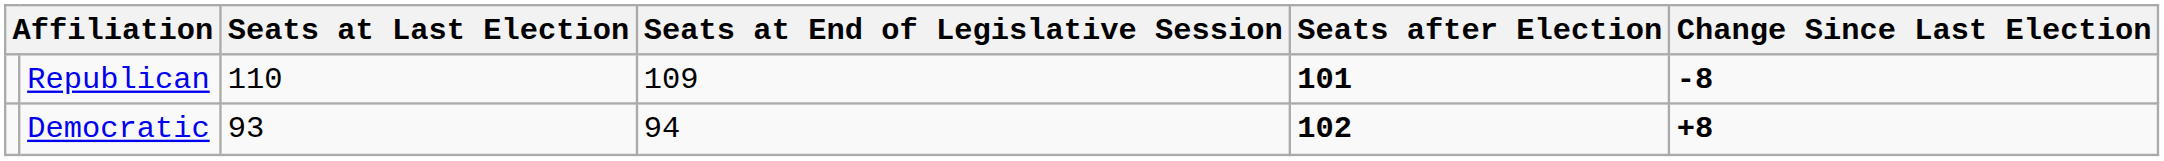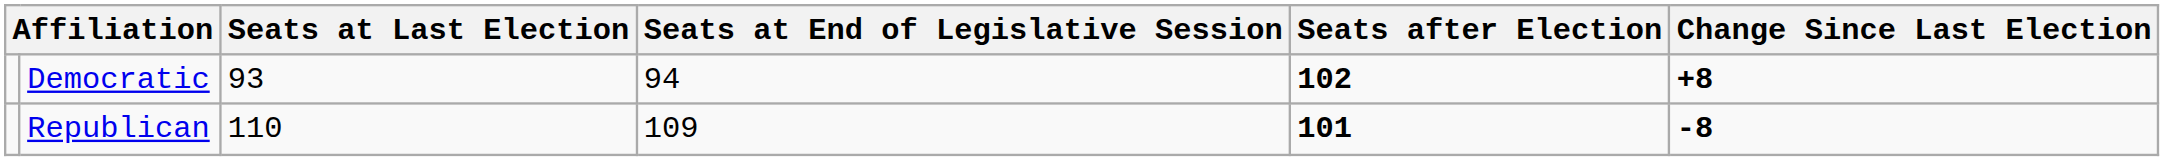 <table class="wikitable">
 <tr>
 <th colspan="2">Affiliation</th>
 <th>Seats at Last Election</th>
 <th>Seats at End of Legislative Session</th>
 <th>Seats after Election</th>
 <th>Change Since Last Election</th>
 </tr>
 <tr>
 <td style="background-color:"></td>
+<td><a href='#'>Democratic</a></td>
+<td>93</td>
+<td>94</td>
+<td><strong>102</strong></td>
+<td><strong>+8</strong></td>
+</tr>
+<tr>
+<td style="background-color:"></td>
 <td><a href='#'>Republican</a></td>
 <td>110</td>
 <td>109</td>
 <td><strong>101</strong></td>
 <td><strong>-8</strong></td>
 </tr>
-<tr>
-<td style="background-color:"></td>
-<td><a href='#'>Democratic</a></td>
-<td>93</td>
-<td>94</td>
-<td><strong>102</strong></td>
-<td><strong>+8</strong></td>
-</tr>
 </table>
